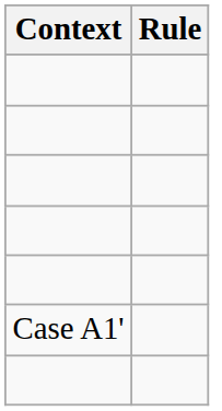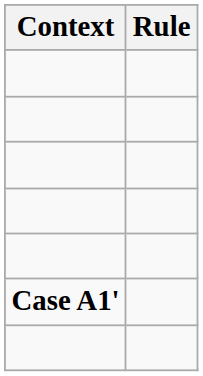 <table class="wikitable">
 <tr>
 <th>Context</th>
 <th>Rule</th>
 </tr>
 <tr>
 <td></td>
 <td><br></td>
 </tr>
 <tr>
 <td></td>
 <td><br></td>
 </tr>
 <tr>
 <td></td>
 <td><br></td>
 </tr>
 <tr>
 <td></td>
 <td><br></td>
 </tr>
 <tr>
 <td></td>
 <td><br></td>
 </tr>
 <tr>
-<td>Case A1'</td>
+<td><strong>Case A1'</strong></td>
 <td><br></td>
 </tr>
 <tr>
 <td></td>
 <td><br></td>
 </tr>
 </table>
